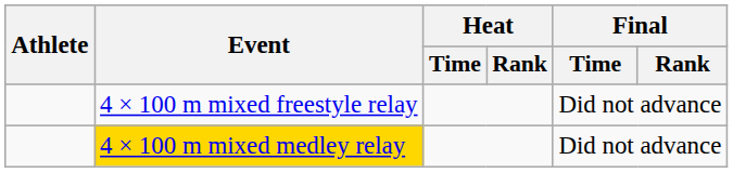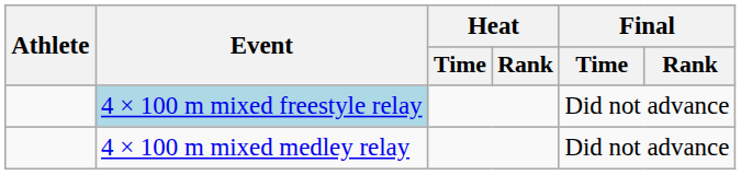 <table class=wikitable style="font-size:90%">
 <tr>
 <th rowspan="2">Athlete</th>
 <th rowspan="2">Event</th>
 <th colspan="2">Heat</th>
 <th colspan="2">Final</th>
 </tr>
 <tr style="font-size:95%">
 <th>Time</th>
 <th>Rank</th>
 <th>Time</th>
 <th>Rank</th>
 </tr>
 <tr align=center>
 <td align=left></td>
-<td align=left><a href='#'>4 × 100 m mixed freestyle relay</a></td>
+<td align=left style="background: lightblue;"><a href='#'>4 × 100 m mixed freestyle relay</a></td>
 <td colspan=2></td>
 <td colspan=2>Did not advance</td>
 </tr>
 <tr align=center>
 <td align=left></td>
-<td align=left style="background: gold;"><a href='#'>4 × 100 m mixed medley relay</a></td>
+<td align=left><a href='#'>4 × 100 m mixed medley relay</a></td>
 <td colspan=2></td>
 <td colspan=2>Did not advance</td>
 </tr>
 </table>
